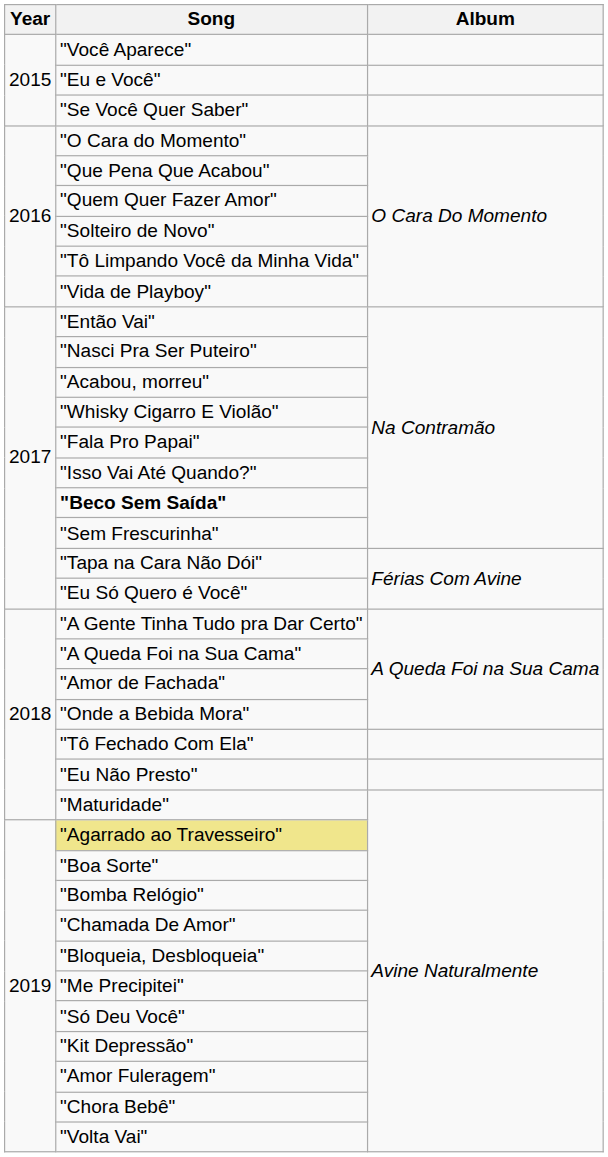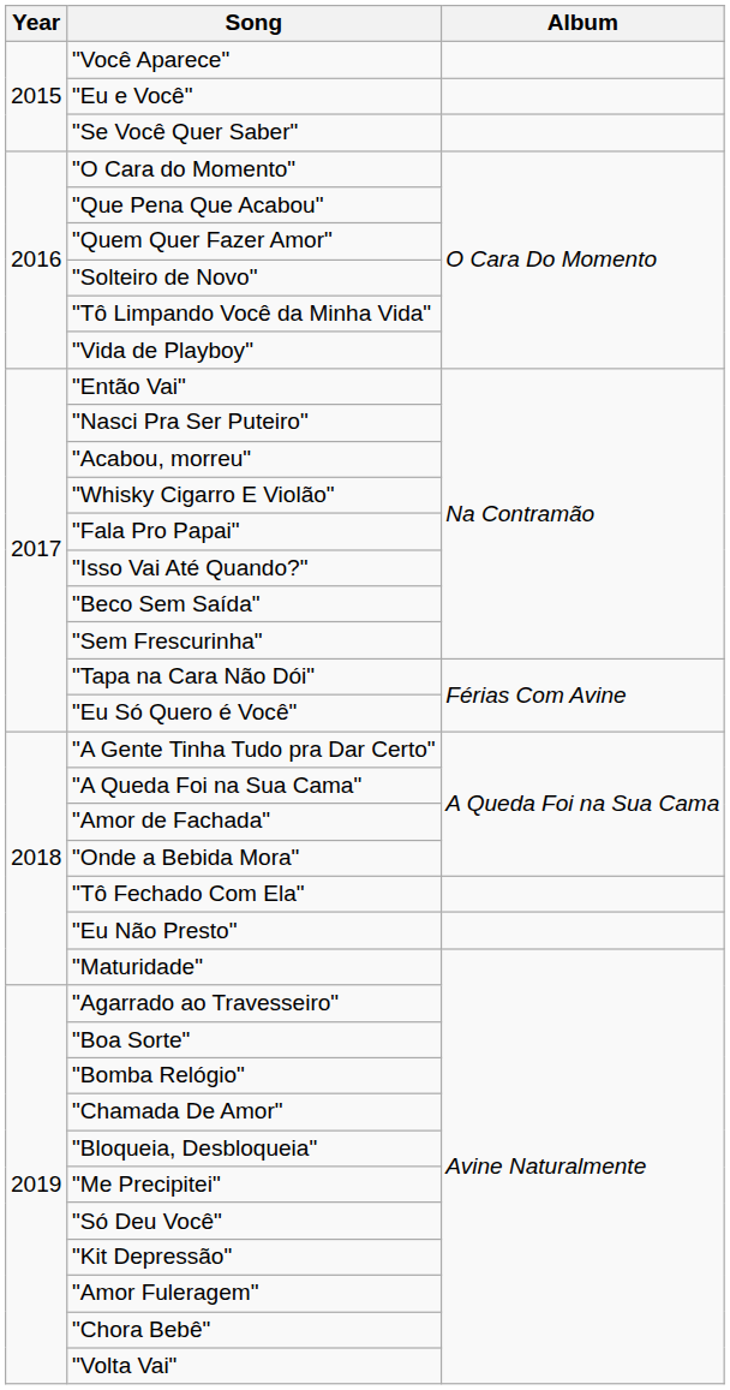 <table class="wikitable">
 <tr>
 <th>Year</th>
 <th>Song</th>
 <th>Album</th>
 </tr>
 <tr>
 <td rowspan="3">2015</td>
 <td>"Você Aparece"</td>
 <td></td>
 </tr>
 <tr>
 <td>"Eu e Você"</td>
 <td></td>
 </tr>
 <tr>
 <td>"Se Você Quer Saber"</td>
 <td></td>
 </tr>
 <tr>
 <td rowspan="6">2016</td>
 <td>"O Cara do Momento"</td>
 <td rowspan="6"><em>O Cara Do Momento</em></td>
 </tr>
 <tr>
 <td>"Que Pena Que Acabou"</td>
 </tr>
 <tr>
 <td>"Quem Quer Fazer Amor"</td>
 </tr>
 <tr>
 <td>"Solteiro de Novo"</td>
 </tr>
 <tr>
 <td>"Tô Limpando Você da Minha Vida"</td>
 </tr>
 <tr>
 <td>"Vida de Playboy"</td>
 </tr>
 <tr>
 <td rowspan="10">2017</td>
 <td>"Então Vai"</td>
 <td rowspan="8"><em>Na Contramão</em></td>
 </tr>
 <tr>
 <td>"Nasci Pra Ser Puteiro"</td>
 </tr>
 <tr>
 <td>"Acabou, morreu"</td>
 </tr>
 <tr>
 <td>"Whisky Cigarro E Violão"</td>
 </tr>
 <tr>
 <td>"Fala Pro Papai"</td>
 </tr>
 <tr>
 <td>"Isso Vai Até Quando?"</td>
 </tr>
 <tr>
-<td><strong>"Beco Sem Saída"</strong></td>
+<td>"Beco Sem Saída"</td>
 </tr>
 <tr>
 <td>"Sem Frescurinha"</td>
 </tr>
 <tr>
 <td>"Tapa na Cara Não Dói"</td>
 <td rowspan="2"><em>Férias Com Avine</em></td>
 </tr>
 <tr>
 <td>"Eu Só Quero é Você"</td>
 </tr>
 <tr>
 <td rowspan="7">2018</td>
 <td>"A Gente Tinha Tudo pra Dar Certo"</td>
 <td rowspan="4"><em>A Queda Foi na Sua Cama</em></td>
 </tr>
 <tr>
 <td>"A Queda Foi na Sua Cama"</td>
 </tr>
 <tr>
 <td>"Amor de Fachada"</td>
 </tr>
 <tr>
 <td>"Onde a Bebida Mora"</td>
 </tr>
 <tr>
 <td>"Tô Fechado Com Ela"</td>
 <td></td>
 </tr>
 <tr>
 <td>"Eu Não Presto"</td>
 <td></td>
 </tr>
 <tr>
 <td>"Maturidade"</td>
 <td rowspan="12"><em>Avine Naturalmente</em></td>
 </tr>
 <tr>
 <td rowspan="11">2019</td>
-<td style="background: khaki;">"Agarrado ao Travesseiro"</td>
+<td>"Agarrado ao Travesseiro"</td>
 </tr>
 <tr>
 <td>"Boa Sorte"</td>
 </tr>
 <tr>
 <td>"Bomba Relógio"</td>
 </tr>
 <tr>
 <td>"Chamada De Amor"</td>
 </tr>
 <tr>
 <td>"Bloqueia, Desbloqueia"</td>
 </tr>
 <tr>
 <td>"Me Precipitei"</td>
 </tr>
 <tr>
 <td>"Só Deu Você"</td>
 </tr>
 <tr>
 <td>"Kit Depressão"</td>
 </tr>
 <tr>
 <td>"Amor Fuleragem"</td>
 </tr>
 <tr>
 <td>"Chora Bebê"</td>
 </tr>
 <tr>
 <td>"Volta Vai"</td>
 </tr>
 </table>
